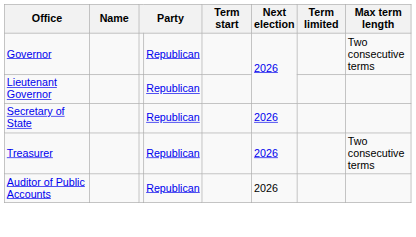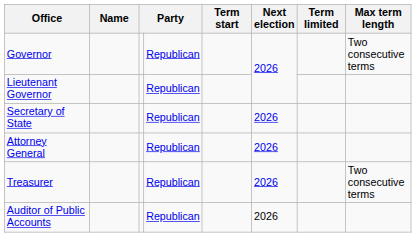 <table class="sortable wikitable">
 <tr>
 <th scope="col" width=190>Office</th>
 <th scope="col" width=100>Name</th>
 <th scope="col" width=75 colspan=2>Party</th>
 <th scope="col" width=110>Term start</th>
 <th scope="col" width=50>Next election</th>
 <th scope="col" width=85>Term limited</th>
 <th scope="col" width=100>Max term length</th>
 </tr>
 <tr>
 <td><a href='#'>Governor</a></td>
 <td></td>
 <td style="background-color:"></td>
 <td><a href='#'>Republican</a></td>
 <td></td>
 <td rowspan=2><a href='#'>2026</a></td>
 <td></td>
 <td>Two consecutive terms</td>
 </tr>
 <tr>
 <td><a href='#'>Lieutenant Governor</a></td>
 <td></td>
 <td style="background-color:"></td>
 <td><a href='#'>Republican</a></td>
 <td></td>
 <td></td>
 <td></td>
 </tr>
 <tr>
 <td><a href='#'>Secretary of State</a></td>
 <td></td>
 <td style="background-color:"></td>
 <td><a href='#'>Republican</a></td>
 <td></td>
 <td><a href='#'>2026</a></td>
 <td></td>
 <td></td>
 </tr>
 <tr>
+<td><a href='#'>Attorney General</a></td>
+<td></td>
+<td style="background-color:"></td>
+<td><a href='#'>Republican</a></td>
+<td></td>
+<td><a href='#'>2026</a></td>
+<td></td>
+<td></td>
+</tr>
+<tr>
 <td><a href='#'>Treasurer</a></td>
 <td></td>
 <td style="background-color:"></td>
 <td><a href='#'>Republican</a></td>
 <td></td>
 <td><a href='#'>2026</a></td>
 <td></td>
 <td>Two consecutive terms</td>
 </tr>
 <tr>
 <td><a href='#'>Auditor of Public Accounts</a></td>
 <td></td>
 <td style="background-color:"></td>
 <td><a href='#'>Republican</a></td>
 <td></td>
 <td>2026</td>
 <td></td>
 <td></td>
 </tr>
 </table>
